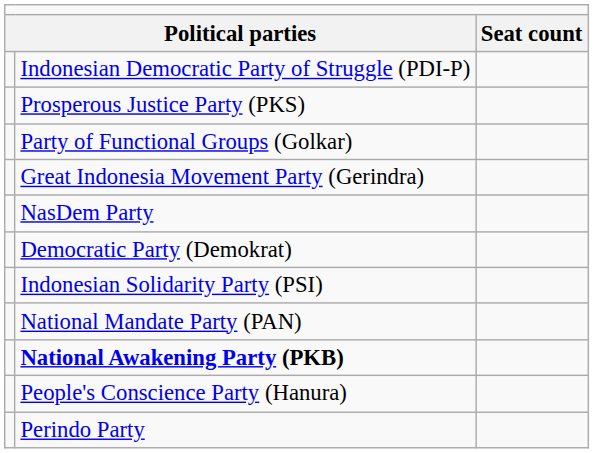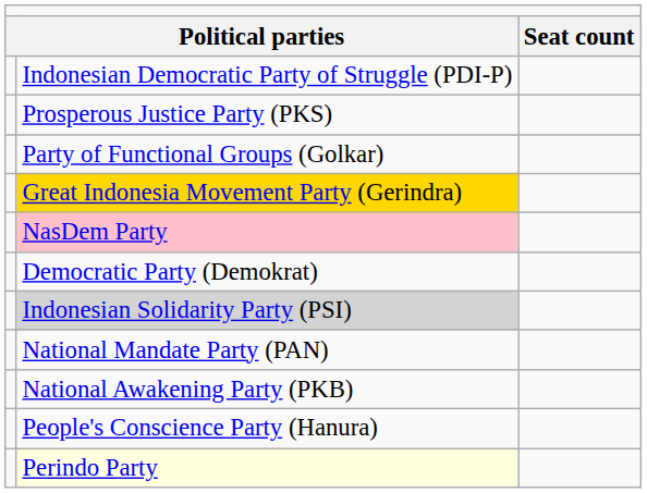 <table class="wikitable">
 <tr>
 <td colspan="4"></td>
 </tr>
 <tr>
 <th colspan="2">Political parties</th>
 <th>Seat count</th>
 </tr>
 <tr>
 <td bgcolor=></td>
 <td><a href='#'>Indonesian Democratic Party of Struggle</a> (PDI-P)</td>
 <td></td>
 </tr>
 <tr>
 <td bgcolor=></td>
 <td><a href='#'>Prosperous Justice Party</a> (PKS)</td>
 <td></td>
 </tr>
 <tr>
 <td bgcolor=></td>
 <td><a href='#'>Party of Functional Groups</a> (Golkar)</td>
 <td></td>
 </tr>
 <tr>
 <td bgcolor=></td>
-<td><a href='#'>Great Indonesia Movement Party</a> (Gerindra)</td>
+<td style="background: gold;"><a href='#'>Great Indonesia Movement Party</a> (Gerindra)</td>
 <td></td>
 </tr>
 <tr>
 <td bgcolor=></td>
-<td><a href='#'>NasDem Party</a></td>
+<td style="background: pink;"><a href='#'>NasDem Party</a></td>
 <td></td>
 </tr>
 <tr>
 <td bgcolor=></td>
 <td><a href='#'>Democratic Party</a> (Demokrat)</td>
 <td></td>
 </tr>
 <tr>
 <td bgcolor=></td>
-<td><a href='#'>Indonesian Solidarity Party</a> (PSI)</td>
+<td style="background: lightgrey;"><a href='#'>Indonesian Solidarity Party</a> (PSI)</td>
 <td></td>
 </tr>
 <tr>
 <td bgcolor=></td>
 <td><a href='#'>National Mandate Party</a> (PAN)</td>
 <td></td>
 </tr>
 <tr>
 <td bgcolor=></td>
-<td><strong><a href='#'>National Awakening Party</a> (PKB)</strong></td>
+<td><a href='#'>National Awakening Party</a> (PKB)</td>
 <td></td>
 </tr>
 <tr>
 <td bgcolor=></td>
 <td><a href='#'>People's Conscience Party</a> (Hanura)</td>
 <td></td>
 </tr>
 <tr>
 <td bgcolor=></td>
-<td><a href='#'>Perindo Party</a></td>
+<td style="background: lightyellow;"><a href='#'>Perindo Party</a></td>
 <td></td>
 </tr>
 </table>
